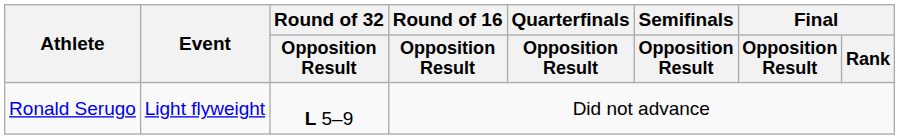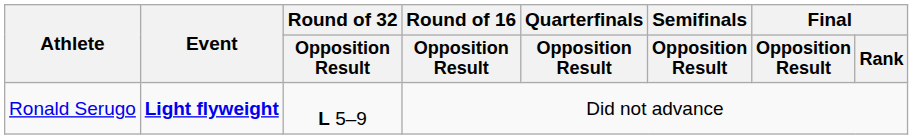 <table class="wikitable" style="font-size:90%">
 <tr>
 <th rowspan="2">Athlete</th>
 <th rowspan="2">Event</th>
 <th>Round of 32</th>
 <th>Round of 16</th>
 <th>Quarterfinals</th>
 <th>Semifinals</th>
 <th colspan=2>Final</th>
 </tr>
 <tr style="font-size:95%">
 <th>Opposition<br>Result</th>
 <th>Opposition<br>Result</th>
 <th>Opposition<br>Result</th>
 <th>Opposition<br>Result</th>
 <th>Opposition<br>Result</th>
 <th>Rank</th>
 </tr>
 <tr align=center>
 <td align=left><a href='#'>Ronald Serugo</a></td>
-<td align=left><a href='#'>Light flyweight</a></td>
+<td align=left><strong><a href='#'>Light flyweight</a></strong></td>
 <td><br><strong>L</strong> 5–9</td>
 <td colspan=5>Did not advance</td>
 </tr>
 </table>
